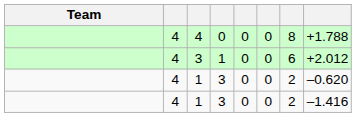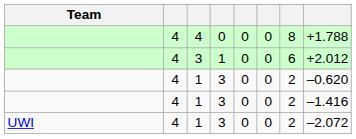 <table class="wikitable" style="text-align:center">
 <tr>
 <th width=180>Team</th>
 <th width=20></th>
 <th width=20></th>
 <th width=20></th>
 <th width=20></th>
 <th width=20></th>
 <th width=20></th>
 <th width=45></th>
 </tr>
 <tr style="background:#cfc">
 <td style="text-align:left;"></td>
 <td>4</td>
 <td>4</td>
 <td>0</td>
 <td>0</td>
 <td>0</td>
 <td>8</td>
 <td>+1.788</td>
 </tr>
 <tr style="background:#cfc">
 <td style="text-align:left;"></td>
 <td>4</td>
 <td>3</td>
 <td>1</td>
 <td>0</td>
 <td>0</td>
 <td>6</td>
 <td>+2.012</td>
 </tr>
 <tr>
 <td style="text-align:left;"></td>
 <td>4</td>
 <td>1</td>
 <td>3</td>
 <td>0</td>
 <td>0</td>
 <td>2</td>
 <td>–0.620</td>
 </tr>
 <tr>
 <td style="text-align:left;"></td>
 <td>4</td>
 <td>1</td>
 <td>3</td>
 <td>0</td>
 <td>0</td>
 <td>2</td>
 <td>–1.416</td>
 </tr>
+<tr>
+<td style="text-align:left;"> <a href='#'>UWI</a></td>
+<td>4</td>
+<td>1</td>
+<td>3</td>
+<td>0</td>
+<td>0</td>
+<td>2</td>
+<td>–2.072</td>
+</tr>
 </table>
